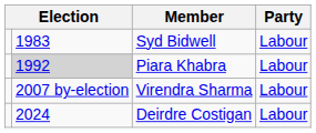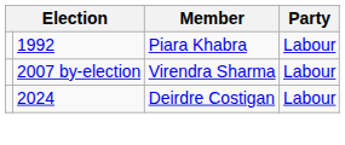 <table class="wikitable sortable">
 <tr>
 <th colspan="2">Election</th>
 <th>Member</th>
 <th>Party</th>
 </tr>
 <tr>
 <td style="color:inherit;background-color: "></td>
-<td><a href='#'>1983</a></td>
-<td><a href='#'>Syd Bidwell</a></td>
-<td><a href='#'>Labour</a></td>
-</tr>
-<tr>
-<td style="color:inherit;background-color: "></td>
-<td style="background: lightgrey;"><a href='#'>1992</a></td>
+<td><a href='#'>1992</a></td>
 <td><a href='#'>Piara Khabra</a></td>
 <td><a href='#'>Labour</a></td>
 </tr>
 <tr>
 <td style="color:inherit;background-color: "></td>
 <td><a href='#'>2007 by-election</a></td>
 <td><a href='#'>Virendra Sharma</a></td>
 <td><a href='#'>Labour</a></td>
 </tr>
 <tr>
 <td style="color:inherit;background-color: "></td>
 <td><a href='#'>2024</a></td>
 <td><a href='#'>Deirdre Costigan</a></td>
 <td><a href='#'>Labour</a></td>
 </tr>
 </table>
